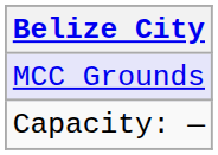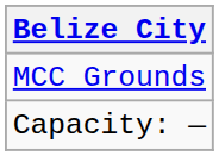 <table class="wikitable">
 <tr>
 <th><a href='#'>Belize City</a></th>
 </tr>
 <tr align=center>
-<td style="background: lavender;"><a href='#'>MCC Grounds</a></td>
+<td><a href='#'>MCC Grounds</a></td>
 </tr>
 <tr align=center>
 <td>Capacity: —</td>
 </tr>
 </table>
